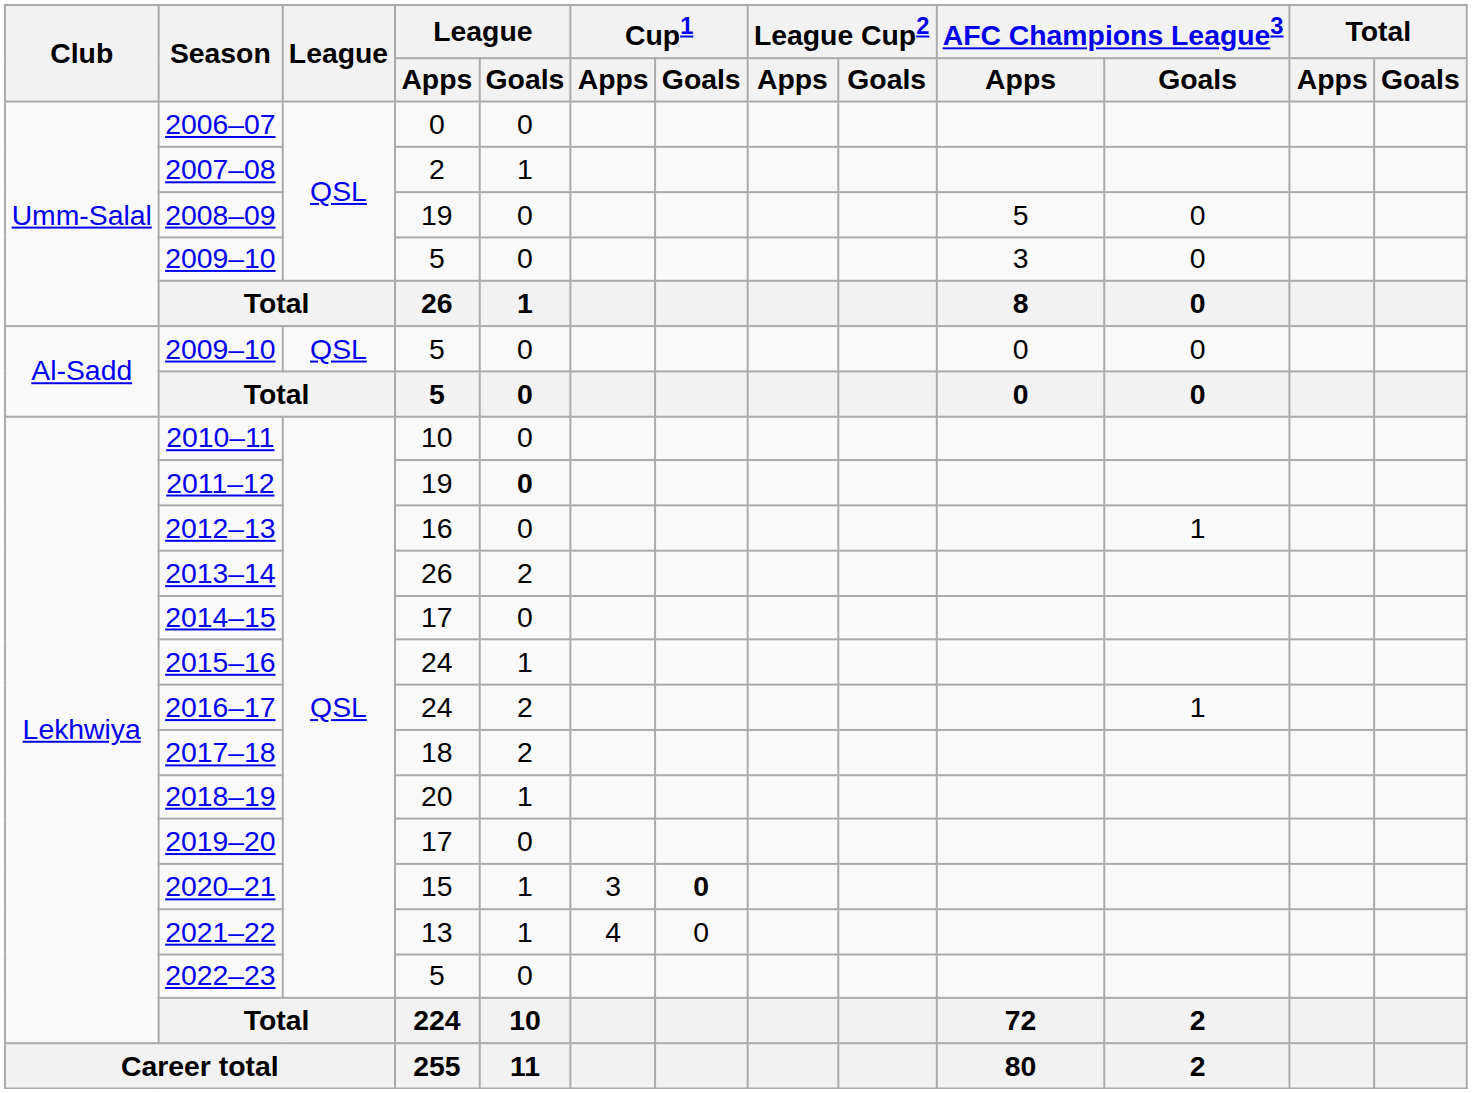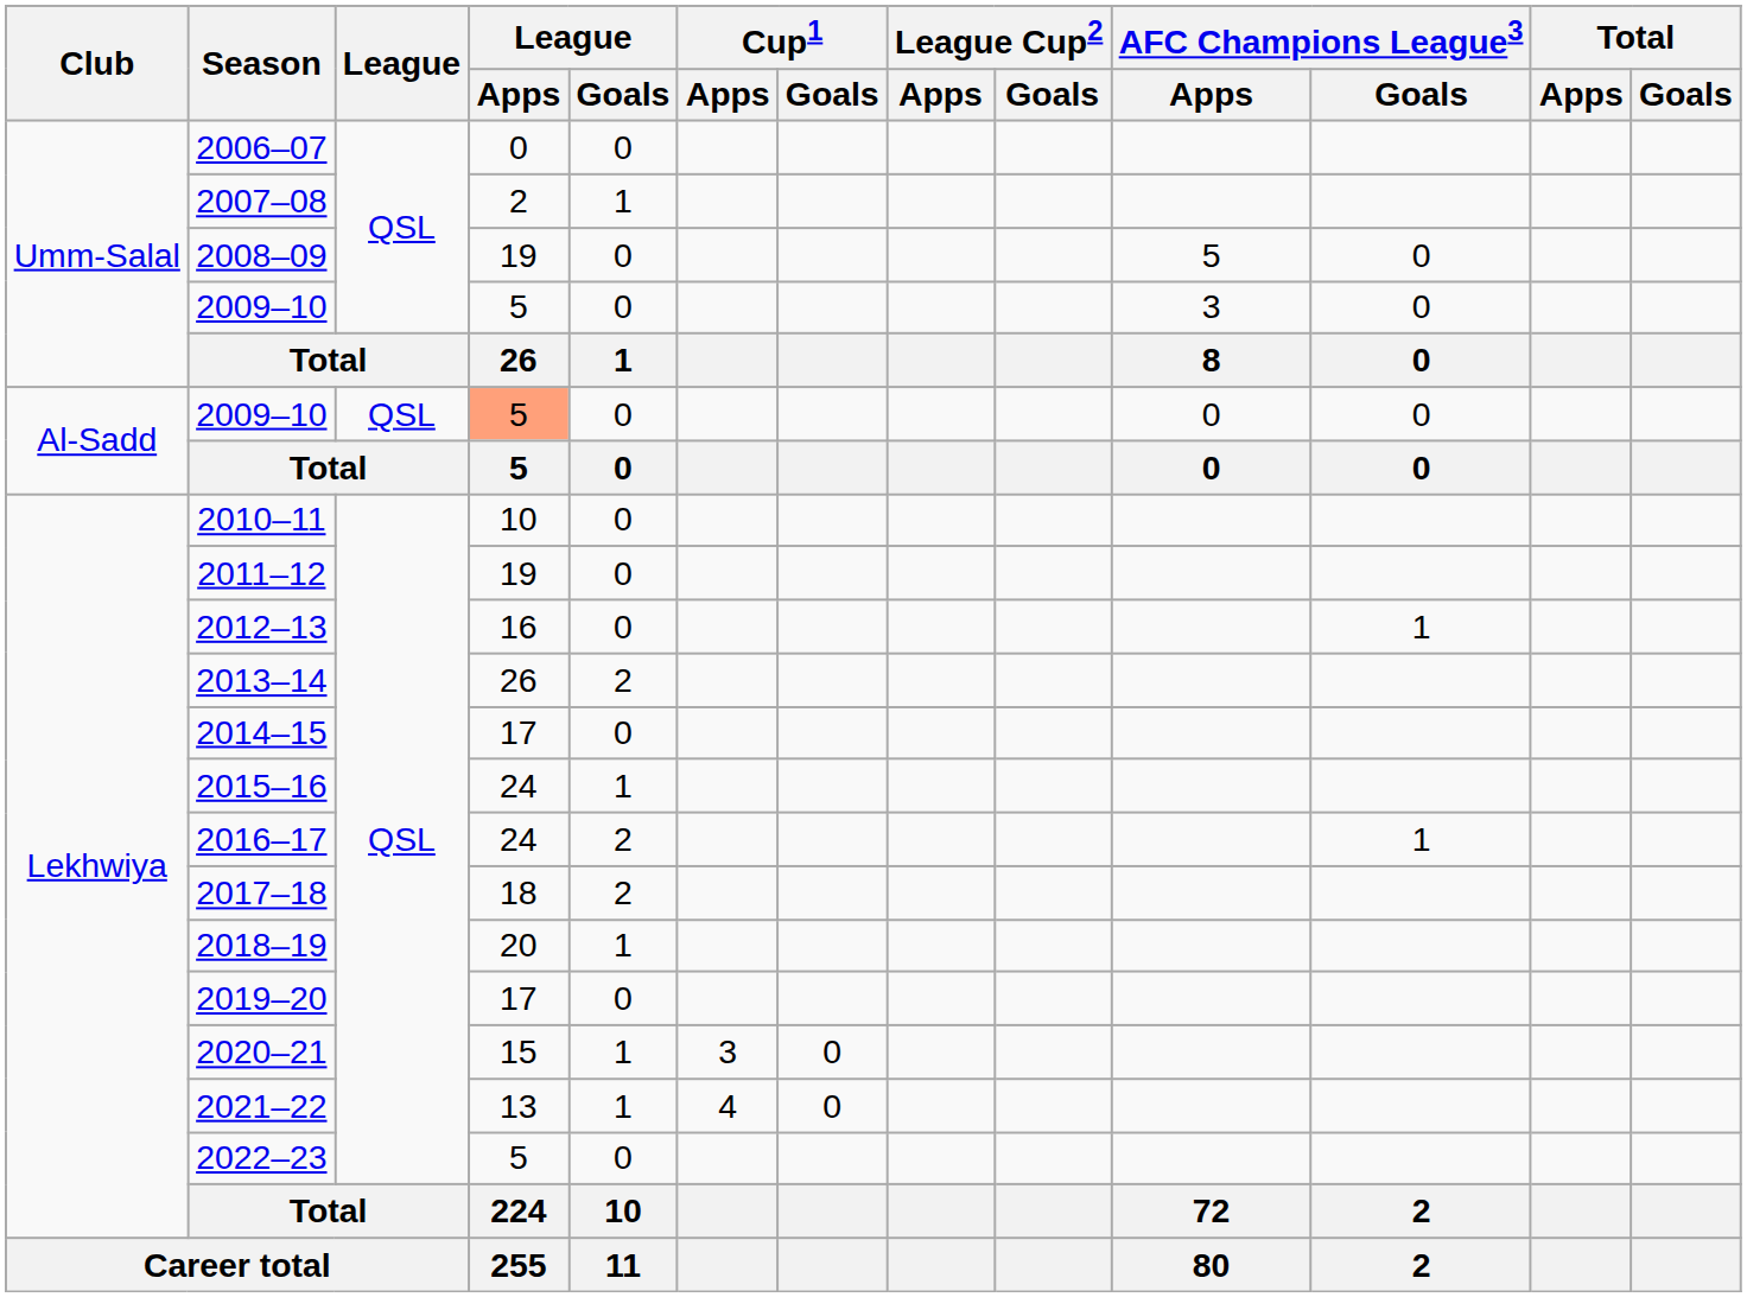 <table class="wikitable" style="font-size:90%; text-align:center;">
 <tr>
 <th rowspan="2">Club</th>
 <th rowspan="2">Season</th>
 <th rowspan="2">League</th>
 <th colspan="2">League</th>
 <th colspan="2">Cup<sup><a href='#'>1</a></sup></th>
 <th colspan="2">League Cup<sup><a href='#'>2</a></sup></th>
 <th colspan="2"><a href='#'>AFC Champions League</a><sup><a href='#'>3</a></sup></th>
 <th colspan="2">Total</th>
 </tr>
 <tr>
 <th>Apps</th>
 <th>Goals</th>
 <th>Apps</th>
 <th>Goals</th>
 <th>Apps</th>
 <th>Goals</th>
 <th>Apps</th>
 <th>Goals</th>
 <th>Apps</th>
 <th>Goals</th>
 </tr>
 <tr>
 <td rowspan="5"><a href='#'>Umm-Salal</a></td>
 <td><a href='#'>2006–07</a></td>
 <td rowspan="4" valign="center"><a href='#'>QSL</a></td>
 <td>0</td>
 <td>0</td>
 <td></td>
 <td></td>
 <td></td>
 <td></td>
 <td></td>
 <td></td>
 <td></td>
 <td></td>
 </tr>
 <tr>
 <td><a href='#'>2007–08</a></td>
 <td>2</td>
 <td>1</td>
 <td></td>
 <td></td>
 <td></td>
 <td></td>
 <td></td>
 <td></td>
 <td></td>
 <td></td>
 </tr>
 <tr>
 <td><a href='#'>2008–09</a></td>
 <td>19</td>
 <td>0</td>
 <td></td>
 <td></td>
 <td></td>
 <td></td>
 <td>5</td>
 <td>0</td>
 <td></td>
 <td></td>
 </tr>
 <tr>
 <td><a href='#'>2009–10</a></td>
 <td>5</td>
 <td>0</td>
 <td></td>
 <td></td>
 <td></td>
 <td></td>
 <td>3</td>
 <td>0</td>
 <td></td>
 <td></td>
 </tr>
 <tr>
 <th colspan="2">Total</th>
 <th>26</th>
 <th>1</th>
 <th></th>
 <th></th>
 <th></th>
 <th></th>
 <th>8</th>
 <th>0</th>
 <th></th>
 <th></th>
 </tr>
 <tr>
 <td rowspan="2"><a href='#'>Al-Sadd</a></td>
 <td><a href='#'>2009–10</a></td>
 <td><a href='#'>QSL</a></td>
-<td>5</td>
+<td style="background: lightsalmon;">5</td>
 <td>0</td>
 <td></td>
 <td></td>
 <td></td>
 <td></td>
 <td>0</td>
 <td>0</td>
 <td></td>
 <td></td>
 </tr>
 <tr>
 <th colspan="2">Total</th>
 <th>5</th>
 <th>0</th>
 <th></th>
 <th></th>
 <th></th>
 <th></th>
 <th>0</th>
 <th>0</th>
 <th></th>
 <th></th>
 </tr>
 <tr>
 <td rowspan="14"><a href='#'>Lekhwiya</a></td>
 <td><a href='#'>2010–11</a></td>
 <td rowspan="13" valign="center"><a href='#'>QSL</a></td>
 <td>10</td>
 <td>0</td>
 <td></td>
 <td></td>
 <td></td>
 <td></td>
 <td></td>
 <td></td>
 <td></td>
 <td></td>
 </tr>
 <tr>
 <td><a href='#'>2011–12</a></td>
 <td>19</td>
-<td><strong>0</strong></td>
+<td>0</td>
 <td></td>
 <td></td>
 <td></td>
 <td></td>
 <td></td>
 <td></td>
 <td></td>
 <td></td>
 </tr>
 <tr>
 <td><a href='#'>2012–13</a></td>
 <td>16</td>
 <td>0</td>
 <td></td>
 <td></td>
 <td></td>
 <td></td>
 <td></td>
 <td>1</td>
 <td></td>
 <td></td>
 </tr>
 <tr>
 <td><a href='#'>2013–14</a></td>
 <td>26</td>
 <td>2</td>
 <td></td>
 <td></td>
 <td></td>
 <td></td>
 <td></td>
 <td></td>
 <td></td>
 <td></td>
 </tr>
 <tr>
 <td><a href='#'>2014–15</a></td>
 <td>17</td>
 <td>0</td>
 <td></td>
 <td></td>
 <td></td>
 <td></td>
 <td></td>
 <td></td>
 <td></td>
 <td></td>
 </tr>
 <tr>
 <td><a href='#'>2015–16</a></td>
 <td>24</td>
 <td>1</td>
 <td></td>
 <td></td>
 <td></td>
 <td></td>
 <td></td>
 <td></td>
 <td></td>
 <td></td>
 </tr>
 <tr>
 <td><a href='#'>2016–17</a></td>
 <td>24</td>
 <td>2</td>
 <td></td>
 <td></td>
 <td></td>
 <td></td>
 <td></td>
 <td>1</td>
 <td></td>
 <td></td>
 </tr>
 <tr>
 <td><a href='#'>2017–18</a></td>
 <td>18</td>
 <td>2</td>
 <td></td>
 <td></td>
 <td></td>
 <td></td>
 <td></td>
 <td></td>
 <td></td>
 <td></td>
 </tr>
 <tr>
 <td><a href='#'>2018–19</a></td>
 <td>20</td>
 <td>1</td>
 <td></td>
 <td></td>
 <td></td>
 <td></td>
 <td></td>
 <td></td>
 <td></td>
 <td></td>
 </tr>
 <tr>
 <td><a href='#'>2019–20</a></td>
 <td>17</td>
 <td>0</td>
 <td></td>
 <td></td>
 <td></td>
 <td></td>
 <td></td>
 <td></td>
 <td></td>
 <td></td>
 </tr>
 <tr>
 <td><a href='#'>2020–21</a></td>
 <td>15</td>
 <td>1</td>
 <td>3</td>
-<td><strong>0</strong></td>
+<td>0</td>
 <td></td>
 <td></td>
 <td></td>
 <td></td>
 <td></td>
 <td></td>
 </tr>
 <tr>
 <td><a href='#'>2021–22</a></td>
 <td>13</td>
 <td>1</td>
 <td>4</td>
 <td>0</td>
 <td></td>
 <td></td>
 <td></td>
 <td></td>
 <td></td>
 <td></td>
 </tr>
 <tr>
 <td><a href='#'>2022–23</a></td>
 <td>5</td>
 <td>0</td>
 <td></td>
 <td></td>
 <td></td>
 <td></td>
 <td></td>
 <td></td>
 <td></td>
 <td></td>
 </tr>
 <tr>
 <th colspan="2">Total</th>
 <th>224</th>
 <th>10</th>
 <th></th>
 <th></th>
 <th></th>
 <th></th>
 <th>72</th>
 <th>2</th>
 <th></th>
 <th></th>
 </tr>
 <tr>
 <th colspan="3">Career total</th>
 <th>255</th>
 <th>11</th>
 <th></th>
 <th></th>
 <th></th>
 <th></th>
 <th>80</th>
 <th>2</th>
 <th></th>
 <th></th>
 </tr>
 </table>
